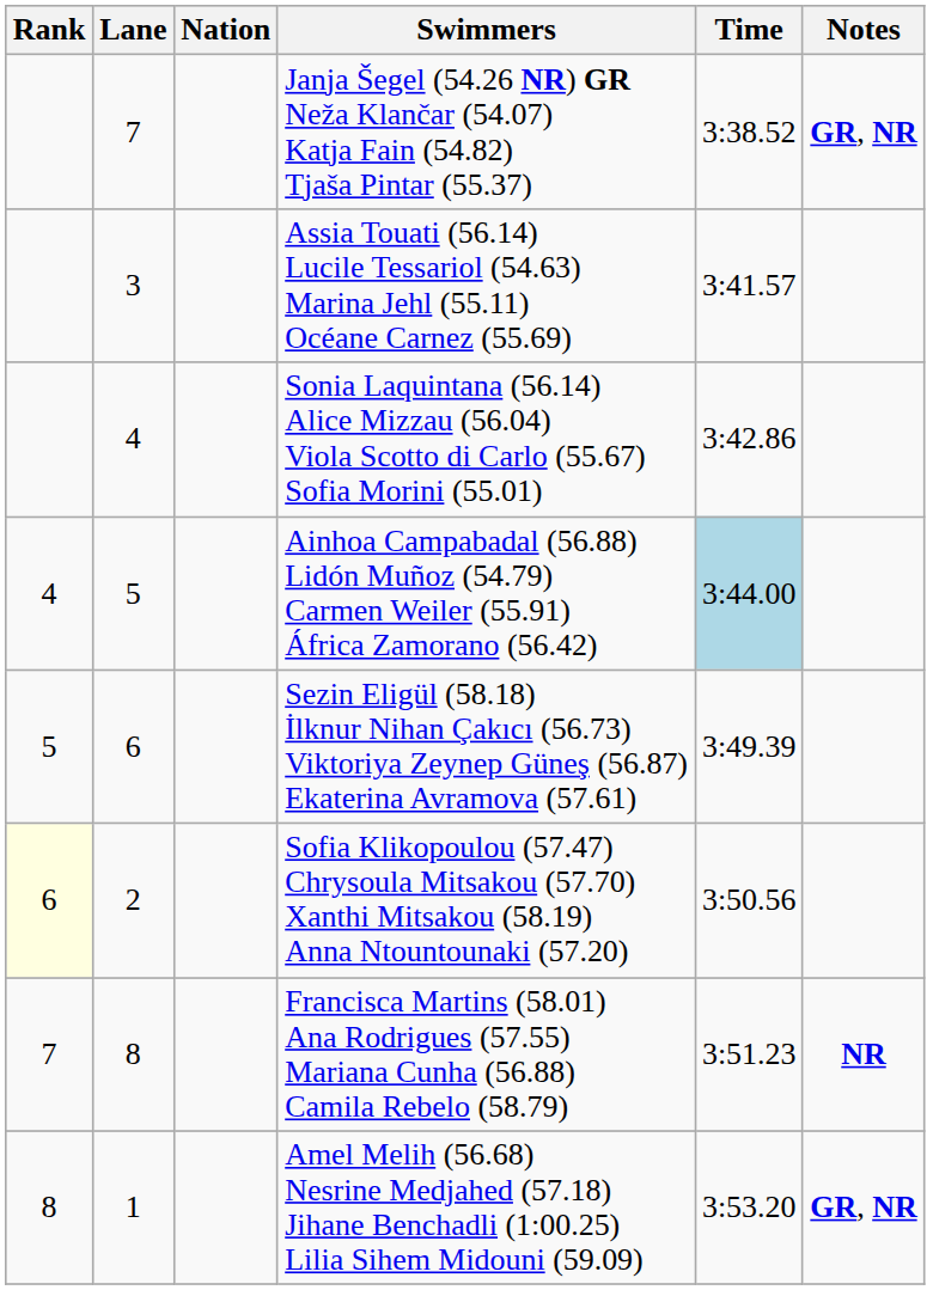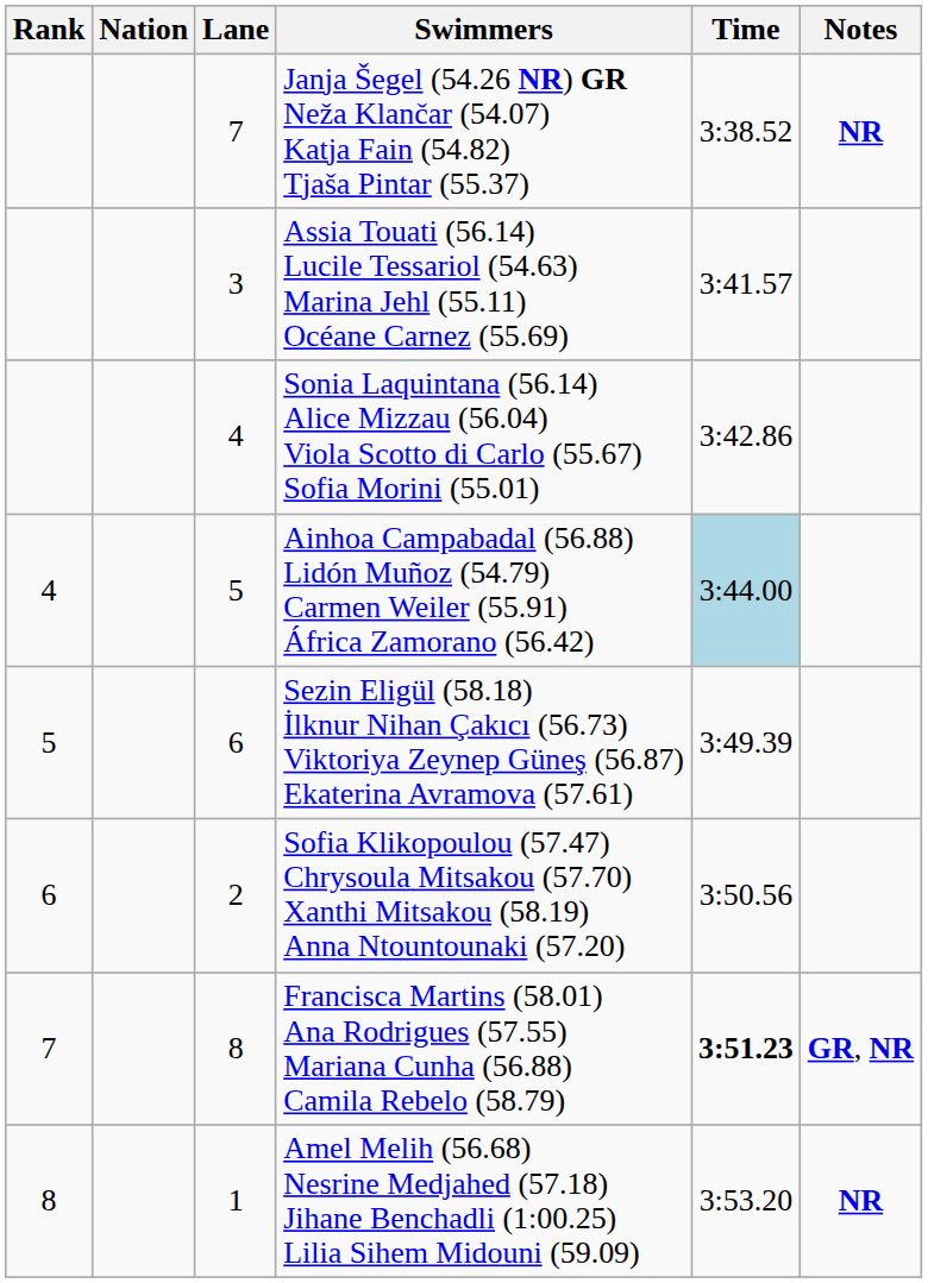 <table class="wikitable sortable" style="text-align:center">
 <tr>
 <th>Rank</th>
+<th>Nation</th>
 <th>Lane</th>
-<th>Nation</th>
 <th>Swimmers</th>
 <th>Time</th>
 <th>Notes</th>
 </tr>
 <tr>
 <td></td>
+<td align=left></td>
 <td>7</td>
-<td align=left></td>
 <td align=left><a href='#'>Janja Šegel</a> (54.26 <strong><a href='#'>NR</a></strong>) <strong>GR</strong><br><a href='#'>Neža Klančar</a> (54.07)<br><a href='#'>Katja Fain</a> (54.82)<br><a href='#'>Tjaša Pintar</a> (55.37)</td>
 <td>3:38.52</td>
-<td><strong><a href='#'>GR</a></strong>, <strong><a href='#'>NR</a></strong></td>
+<td><strong><a href='#'>NR</a></strong></td>
 </tr>
 <tr>
 <td></td>
+<td align=left></td>
 <td>3</td>
-<td align=left></td>
 <td align=left><a href='#'>Assia Touati</a> (56.14)<br><a href='#'>Lucile Tessariol</a> (54.63)<br><a href='#'>Marina Jehl</a> (55.11)<br><a href='#'>Océane Carnez</a> (55.69)</td>
 <td>3:41.57</td>
 <td></td>
 </tr>
 <tr>
 <td></td>
+<td align=left></td>
 <td>4</td>
-<td align=left></td>
 <td align=left><a href='#'>Sonia Laquintana</a> (56.14)<br><a href='#'>Alice Mizzau</a> (56.04)<br><a href='#'>Viola Scotto di Carlo</a> (55.67)<br><a href='#'>Sofia Morini</a> (55.01)</td>
 <td>3:42.86</td>
 <td></td>
 </tr>
 <tr>
 <td>4</td>
+<td align=left></td>
 <td>5</td>
-<td align=left></td>
 <td align=left><a href='#'>Ainhoa Campabadal</a> (56.88)<br><a href='#'>Lidón Muñoz</a> (54.79)<br><a href='#'>Carmen Weiler</a> (55.91)<br><a href='#'>África Zamorano</a> (56.42)</td>
 <td style="background: lightblue;">3:44.00</td>
 <td></td>
 </tr>
 <tr>
 <td>5</td>
+<td align=left></td>
 <td>6</td>
-<td align=left></td>
 <td align=left><a href='#'>Sezin Eligül</a> (58.18)<br><a href='#'>İlknur Nihan Çakıcı</a> (56.73)<br><a href='#'>Viktoriya Zeynep Güneş</a> (56.87)<br><a href='#'>Ekaterina Avramova</a> (57.61)</td>
 <td>3:49.39</td>
 <td></td>
 </tr>
 <tr>
-<td style="background: lightyellow;">6</td>
+<td>6</td>
+<td align=left></td>
 <td>2</td>
-<td align=left></td>
 <td align=left><a href='#'>Sofia Klikopoulou</a> (57.47)<br><a href='#'>Chrysoula Mitsakou</a> (57.70)<br><a href='#'>Xanthi Mitsakou</a> (58.19)<br><a href='#'>Anna Ntountounaki</a> (57.20)</td>
 <td>3:50.56</td>
 <td></td>
 </tr>
 <tr>
 <td>7</td>
+<td align=left></td>
 <td>8</td>
-<td align=left></td>
 <td align=left><a href='#'>Francisca Martins</a> (58.01)<br><a href='#'>Ana Rodrigues</a> (57.55)<br><a href='#'>Mariana Cunha</a> (56.88)<br><a href='#'>Camila Rebelo</a> (58.79)</td>
-<td>3:51.23</td>
-<td><strong><a href='#'>NR</a></strong></td>
+<td><strong>3:51.23</strong></td>
+<td><strong><a href='#'>GR</a></strong>, <strong><a href='#'>NR</a></strong></td>
 </tr>
 <tr>
 <td>8</td>
+<td align=left></td>
 <td>1</td>
-<td align=left></td>
 <td align=left><a href='#'>Amel Melih</a> (56.68)<br><a href='#'>Nesrine Medjahed</a> (57.18)<br><a href='#'>Jihane Benchadli</a> (1:00.25)<br><a href='#'>Lilia Sihem Midouni</a> (59.09)</td>
 <td>3:53.20</td>
-<td><strong><a href='#'>GR</a></strong>, <strong><a href='#'>NR</a></strong></td>
+<td><strong><a href='#'>NR</a></strong></td>
 </tr>
 </table>
